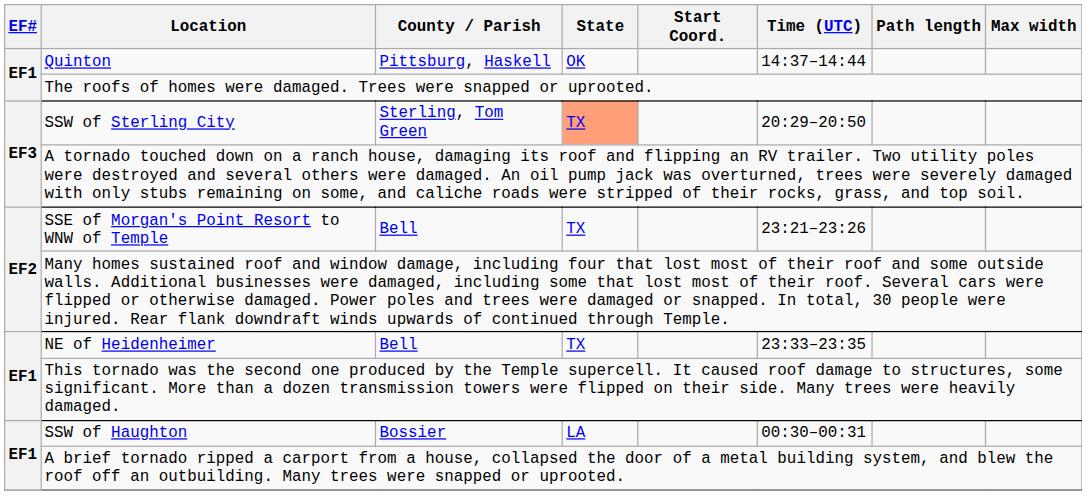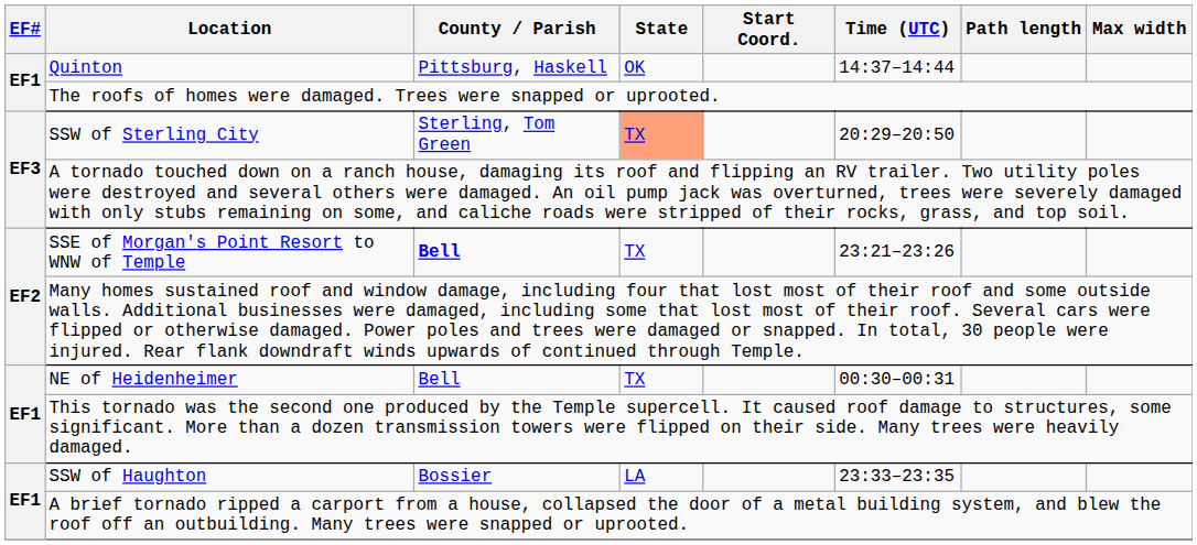 <table class="wikitable sortable" style="width:100%;">
 <tr>
 <th scope="col" width="2%" align="center"><a href='#'>EF#</a></th>
 <th scope="col" align="center" class="unsortable">Location</th>
 <th scope="col" align="center" class="unsortable">County / Parish</th>
 <th scope="col" align="center">State</th>
 <th scope="col" align="center">Start Coord.</th>
 <th scope="col" align="center">Time (<a href='#'>UTC</a>)</th>
 <th scope="col" align="center">Path length</th>
 <th scope="col" align="center">Max width</th>
 </tr>
 <tr>
 <th scope="row" rowspan="2" style="background-color:#">EF1</th>
 <td><a href='#'>Quinton</a></td>
 <td><a href='#'>Pittsburg</a>, <a href='#'>Haskell</a></td>
 <td><a href='#'>OK</a></td>
 <td></td>
 <td>14:37–14:44</td>
 <td></td>
 <td></td>
 </tr>
 <tr class="expand-child">
 <td colspan="8" style=" border-bottom: 1px solid black;">The roofs of homes were damaged. Trees were snapped or uprooted.</td>
 </tr>
 <tr>
 <th scope="row" rowspan="2" style="background-color:#">EF3</th>
 <td>SSW of <a href='#'>Sterling City</a></td>
 <td><a href='#'>Sterling</a>, <a href='#'>Tom Green</a></td>
 <td style="background: lightsalmon;"><a href='#'>TX</a></td>
 <td></td>
 <td>20:29–20:50</td>
 <td></td>
 <td></td>
 </tr>
 <tr class="expand-child">
 <td colspan="8" style=" border-bottom: 1px solid black;">A tornado touched down on a ranch house, damaging its roof and flipping an RV trailer. Two utility poles were destroyed and several others were damaged. An oil pump jack was overturned, trees were severely damaged with only stubs remaining on some, and caliche roads were stripped of their rocks, grass, and top soil.</td>
 </tr>
 <tr>
 <th scope="row" rowspan="2" style="background-color:#">EF2</th>
 <td>SSE of <a href='#'>Morgan's Point Resort</a> to WNW of <a href='#'>Temple</a></td>
-<td><a href='#'>Bell</a></td>
+<td><strong><a href='#'>Bell</a></strong></td>
 <td><a href='#'>TX</a></td>
 <td></td>
 <td>23:21–23:26</td>
 <td></td>
 <td></td>
 </tr>
 <tr class="expand-child">
 <td colspan="8" style=" border-bottom: 1px solid black;">Many homes sustained roof and window damage, including four that lost most of their roof and some outside walls. Additional businesses were damaged, including some that lost most of their roof. Several cars were flipped or otherwise damaged. Power poles and trees were damaged or snapped. In total, 30 people were injured. Rear flank downdraft winds upwards of  continued through Temple.</td>
 </tr>
 <tr>
 <th scope="row" rowspan="2" style="background-color:#">EF1</th>
 <td>NE of <a href='#'>Heidenheimer</a></td>
 <td><a href='#'>Bell</a></td>
 <td><a href='#'>TX</a></td>
 <td></td>
-<td>23:33–23:35</td>
+<td>00:30–00:31</td>
 <td></td>
 <td></td>
 </tr>
 <tr class="expand-child">
 <td colspan="8" style=" border-bottom: 1px solid black;">This tornado was the second one produced by the Temple supercell. It caused roof damage to structures, some significant. More than a dozen transmission towers were flipped on their side. Many trees were heavily damaged.</td>
 </tr>
 <tr>
 <th scope="row" rowspan="2" style="background-color:#">EF1</th>
 <td>SSW of <a href='#'>Haughton</a></td>
 <td><a href='#'>Bossier</a></td>
 <td><a href='#'>LA</a></td>
 <td></td>
-<td>00:30–00:31</td>
+<td>23:33–23:35</td>
 <td></td>
 <td></td>
 </tr>
 <tr class="expand-child">
 <td colspan="8" style=" border-bottom: 1px solid black;">A brief tornado ripped a carport from a house, collapsed the door of a metal building system, and blew the roof off an outbuilding. Many trees were snapped or uprooted.</td>
 </tr>
 <tr>
 </tr>
 </table>
